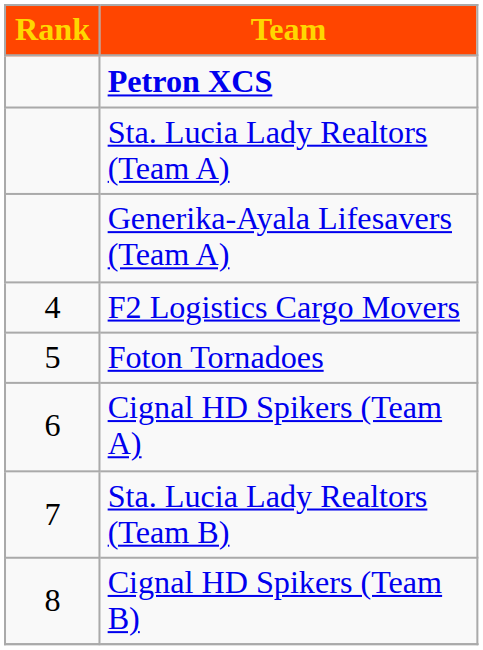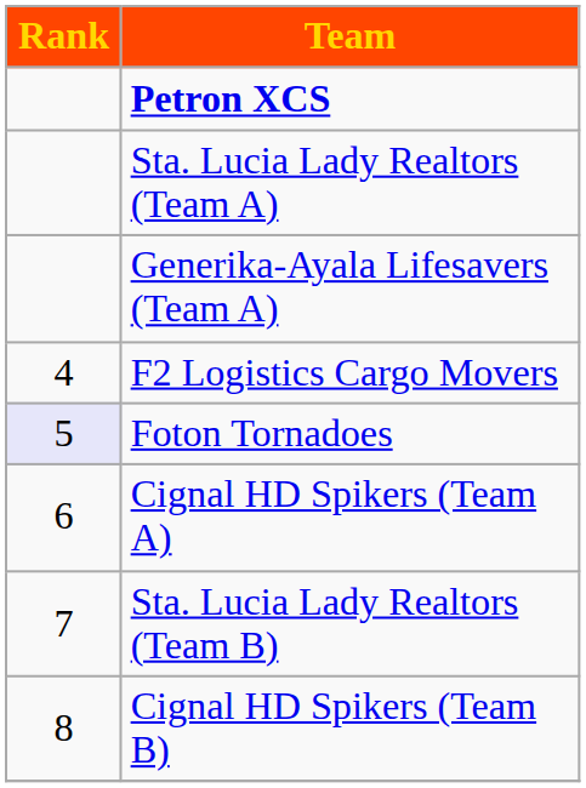 <table class="wikitable" style="text-align: center;">
 <tr>
 <th width=40 style="background:#FF4500; color:#FFD700;">Rank</th>
 <th width=180 style="background:#FF4500; color:#FFD700;">Team</th>
 </tr>
 <tr>
 <td></td>
 <td align="left"><strong><a href='#'>Petron XCS</a></strong></td>
 </tr>
 <tr>
 <td></td>
 <td align="left"><a href='#'>Sta. Lucia Lady Realtors (Team A)</a></td>
 </tr>
 <tr>
 <td></td>
 <td align="left"><a href='#'>Generika-Ayala Lifesavers (Team A)</a></td>
 </tr>
 <tr>
 <td>4</td>
 <td align="left"><a href='#'>F2 Logistics Cargo Movers</a></td>
 </tr>
 <tr>
-<td>5</td>
+<td style="background: lavender;">5</td>
 <td align="left"><a href='#'>Foton Tornadoes</a></td>
 </tr>
 <tr>
 <td>6</td>
 <td align="left"><a href='#'>Cignal HD Spikers (Team A)</a></td>
 </tr>
 <tr>
 <td>7</td>
 <td align="left"><a href='#'>Sta. Lucia Lady Realtors (Team B)</a></td>
 </tr>
 <tr>
 <td>8</td>
 <td align="left"><a href='#'>Cignal HD Spikers (Team B)</a></td>
 </tr>
 <tr>
 </tr>
 </table>
